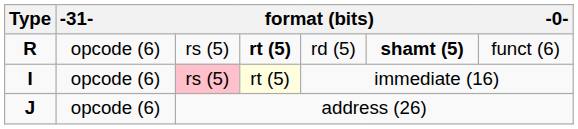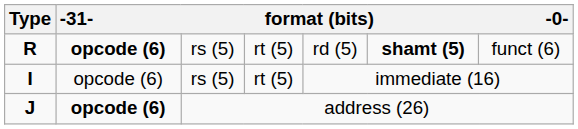 <table class="wikitable">
 <tr>
 <th>Type</th>
 <th colspan=6>-31-                                 format (bits)                                 -0-</th>
 </tr>
 <tr align=center>
 <td><strong>R</strong></td>
-<td>opcode (6)</td>
+<td><strong>opcode (6)</strong></td>
 <td>rs (5)</td>
-<td><strong>rt (5)</strong></td>
+<td>rt (5)</td>
 <td>rd (5)</td>
 <td><strong>shamt (5)</strong></td>
 <td>funct (6)</td>
 </tr>
 <tr align=center>
 <td><strong>I</strong></td>
 <td>opcode (6)</td>
-<td style="background: pink;">rs (5)</td>
-<td style="background: lightyellow;">rt (5)</td>
+<td>rs (5)</td>
+<td>rt (5)</td>
 <td colspan=3>immediate (16)</td>
 </tr>
 <tr align=center>
 <td><strong>J</strong></td>
-<td>opcode (6)</td>
+<td><strong>opcode (6)</strong></td>
 <td colspan=5>address (26)</td>
 </tr>
 </table>
